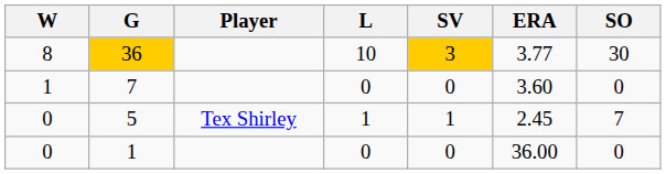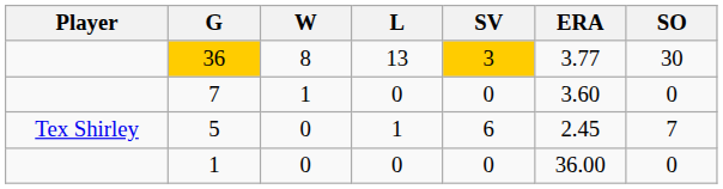 <table class="wikitable sortable">
 <tr>
+<th bgcolor="#DDDDFF" width="16%">Player</th>
+<th bgcolor="#DDDDFF" width="9%">G</th>
 <th bgcolor="#DDDDFF" width="9%">W</th>
-<th bgcolor="#DDDDFF" width="9%">G</th>
-<th bgcolor="#DDDDFF" width="16%">Player</th>
 <th bgcolor="#DDDDFF" width="9%">L</th>
 <th bgcolor="#DDDDFF" width="9%">SV</th>
 <th bgcolor="#DDDDFF" width="9%">ERA</th>
 <th bgcolor="#DDDDFF" width="9%">SO</th>
 </tr>
 <tr align="center">
+<td></td>
+<td style="background:#fc0;">36</td>
 <td>8</td>
-<td style="background:#fc0;">36</td>
-<td></td>
-<td>10</td>
+<td>13</td>
 <td style="background:#fc0;">3</td>
 <td>3.77</td>
 <td>30</td>
 </tr>
 <tr align="center">
+<td></td>
+<td>7</td>
 <td>1</td>
-<td>7</td>
-<td></td>
 <td>0</td>
 <td>0</td>
 <td>3.60</td>
 <td>0</td>
 </tr>
 <tr align="center">
+<td><a href='#'>Tex Shirley</a></td>
+<td>5</td>
 <td>0</td>
-<td>5</td>
-<td><a href='#'>Tex Shirley</a></td>
 <td>1</td>
-<td>1</td>
+<td>6</td>
 <td>2.45</td>
 <td>7</td>
 </tr>
 <tr align="center">
+<td></td>
+<td>1</td>
 <td>0</td>
-<td>1</td>
-<td></td>
 <td>0</td>
 <td>0</td>
 <td>36.00</td>
 <td>0</td>
 </tr>
 </table>
